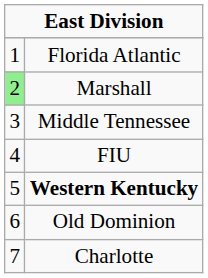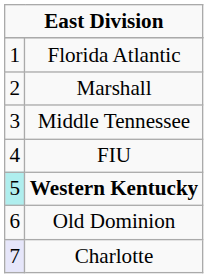 <table class="wikitable">
 <tr align="center">
 <td align="center" Colspan="3"><strong>East Division</strong></td>
 </tr>
 <tr align="center">
 </tr>
 <tr align="center">
 <td>1</td>
 <td>Florida Atlantic</td>
 </tr>
 <tr align="center">
-<td style="background: lightgreen;">2</td>
+<td>2</td>
 <td>Marshall</td>
 </tr>
 <tr align="center">
 <td>3</td>
 <td>Middle Tennessee</td>
 </tr>
 <tr align="center">
 <td>4</td>
 <td>FIU</td>
 </tr>
 <tr align="center">
-<td>5</td>
+<td style="background: paleturquoise;">5</td>
 <td><strong>Western Kentucky</strong></td>
 </tr>
 <tr align="center">
 <td>6</td>
 <td>Old Dominion</td>
 </tr>
 <tr align="center">
-<td>7</td>
+<td style="background: lavender;">7</td>
 <td>Charlotte</td>
 </tr>
 </table>
